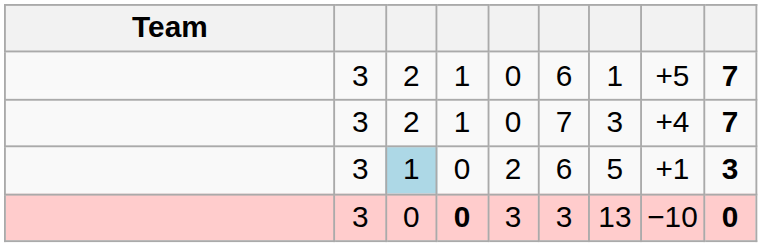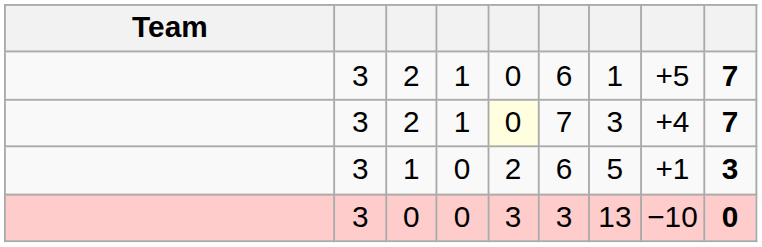 <table class="wikitable" style="text-align: center;">
 <tr>
 <th width=170>Team</th>
 <th width=20></th>
 <th width=20></th>
 <th width=20></th>
 <th width=20></th>
 <th width=20></th>
 <th width=20></th>
 <th width=20></th>
 <th width=20></th>
 </tr>
 <tr>
 <td align=left></td>
 <td>3</td>
 <td>2</td>
 <td>1</td>
 <td>0</td>
 <td>6</td>
 <td>1</td>
 <td>+5</td>
 <td><strong>7</strong></td>
 </tr>
 <tr>
 <td align=left></td>
 <td>3</td>
 <td>2</td>
 <td>1</td>
-<td>0</td>
+<td style="background: lightyellow;">0</td>
 <td>7</td>
 <td>3</td>
 <td>+4</td>
 <td><strong>7</strong></td>
 </tr>
 <tr>
 <td align=left></td>
 <td>3</td>
-<td style="background: lightblue;">1</td>
+<td>1</td>
 <td>0</td>
 <td>2</td>
 <td>6</td>
 <td>5</td>
 <td>+1</td>
 <td><strong>3</strong></td>
 </tr>
 <tr style="background:#fcc;">
 <td align=left></td>
 <td>3</td>
 <td>0</td>
-<td><strong>0</strong></td>
+<td>0</td>
 <td>3</td>
 <td>3</td>
 <td>13</td>
 <td>−10</td>
 <td><strong>0</strong></td>
 </tr>
 </table>
